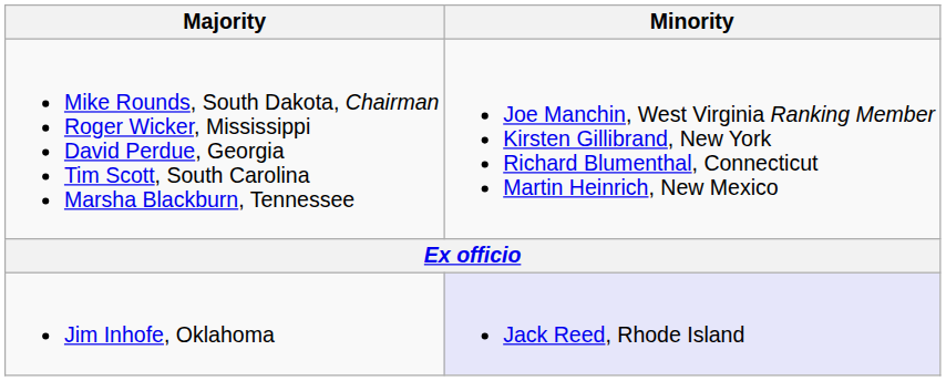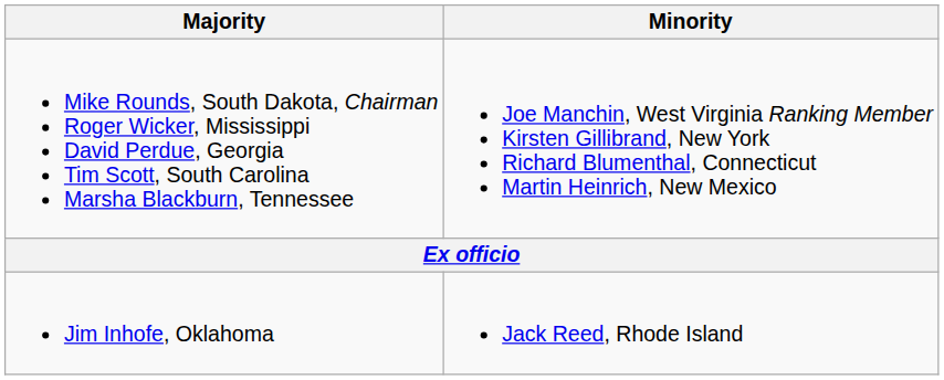 <table class=wikitable>
 <tr>
 <th>Majority</th>
 <th>Minority</th>
 </tr>
 <tr>
 <td><br><ul><li><a href='#'>Mike Rounds</a>, South Dakota, <em>Chairman</em></li><li><a href='#'>Roger Wicker</a>, Mississippi</li><li><a href='#'>David Perdue</a>, Georgia</li><li><a href='#'>Tim Scott</a>, South Carolina</li><li><a href='#'>Marsha Blackburn</a>, Tennessee</li></ul></td>
 <td><br><ul><li><a href='#'>Joe Manchin</a>, West Virginia <em>Ranking Member</em></li><li><a href='#'>Kirsten Gillibrand</a>, New York</li><li><a href='#'>Richard Blumenthal</a>, Connecticut</li><li><a href='#'>Martin Heinrich</a>, New Mexico</li></ul></td>
 </tr>
 <tr>
 <th colspan=2><em><a href='#'>Ex officio</a></em></th>
 </tr>
 <tr>
 <td><br><ul><li><a href='#'>Jim Inhofe</a>, Oklahoma</li></ul></td>
-<td style="background: lavender;"><br><ul><li><a href='#'>Jack Reed</a>, Rhode Island</li></ul></td>
+<td><br><ul><li><a href='#'>Jack Reed</a>, Rhode Island</li></ul></td>
 </tr>
 </table>
